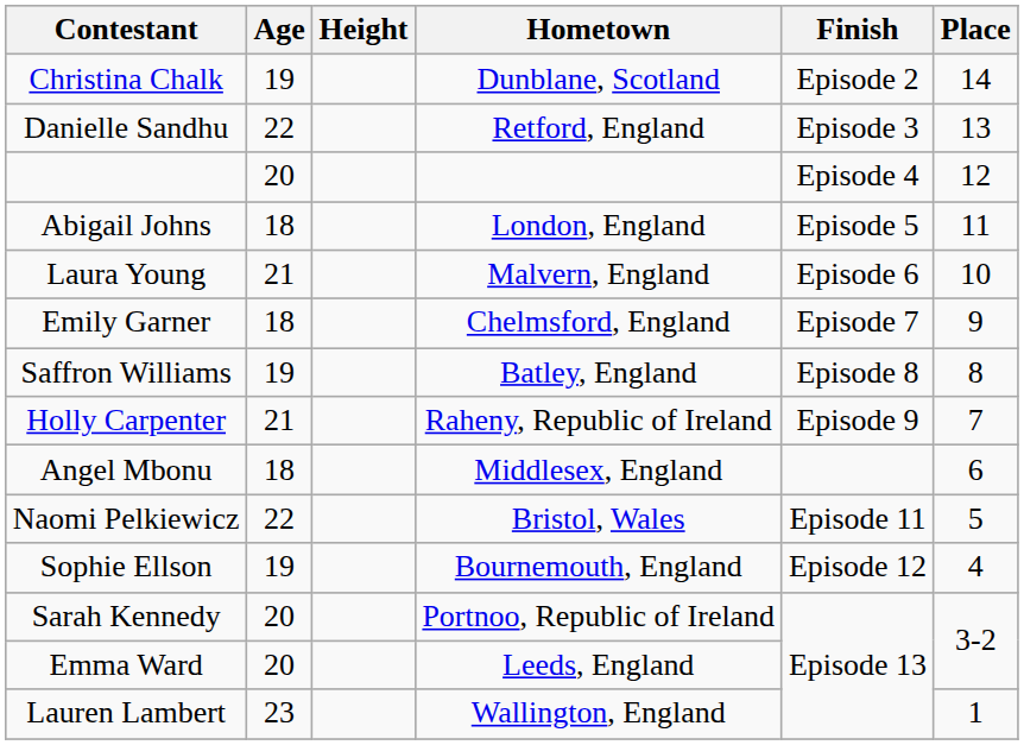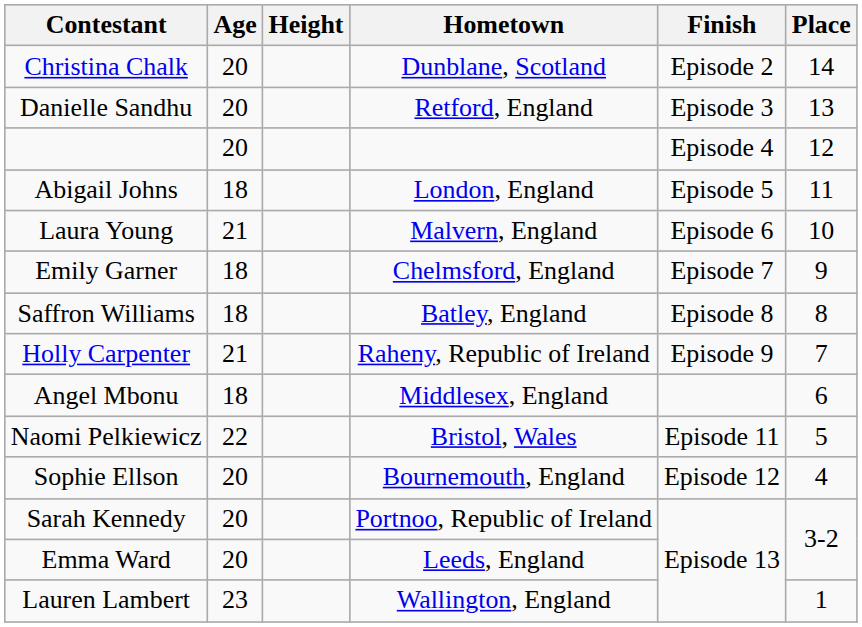 <table class="wikitable sortable" style="text-align:center;">
 <tr>
 <th>Contestant</th>
 <th>Age</th>
 <th>Height</th>
 <th>Hometown</th>
 <th>Finish</th>
 <th>Place</th>
 </tr>
 <tr>
 <td><a href='#'>Christina Chalk</a></td>
-<td>19</td>
+<td>20</td>
 <td></td>
 <td><a href='#'>Dunblane</a>, <a href='#'>Scotland</a></td>
 <td>Episode 2</td>
 <td>14</td>
 </tr>
 <tr>
 <td>Danielle Sandhu</td>
-<td>22</td>
+<td>20</td>
 <td></td>
 <td><a href='#'>Retford</a>, England</td>
 <td>Episode 3</td>
 <td>13</td>
 </tr>
 <tr>
 <td></td>
 <td>20</td>
 <td></td>
 <td></td>
 <td>Episode 4</td>
 <td>12</td>
 </tr>
 <tr>
 <td>Abigail Johns</td>
 <td>18</td>
 <td></td>
 <td><a href='#'>London</a>, England</td>
 <td>Episode 5</td>
 <td>11</td>
 </tr>
 <tr>
 <td>Laura Young</td>
 <td>21</td>
 <td></td>
 <td><a href='#'>Malvern</a>, England</td>
 <td>Episode 6</td>
 <td>10</td>
 </tr>
 <tr>
 <td>Emily Garner</td>
 <td>18</td>
 <td></td>
 <td><a href='#'>Chelmsford</a>, England</td>
 <td>Episode 7</td>
 <td>9</td>
 </tr>
 <tr>
 <td>Saffron Williams</td>
-<td>19</td>
+<td>18</td>
 <td></td>
 <td><a href='#'>Batley</a>, England</td>
 <td>Episode 8</td>
 <td>8</td>
 </tr>
 <tr>
 <td><a href='#'>Holly Carpenter</a></td>
 <td>21</td>
 <td></td>
 <td><a href='#'>Raheny</a>, Republic of Ireland</td>
 <td>Episode 9</td>
 <td>7</td>
 </tr>
 <tr>
 <td>Angel Mbonu</td>
 <td>18</td>
 <td></td>
 <td><a href='#'>Middlesex</a>, England</td>
 <td></td>
 <td>6</td>
 </tr>
 <tr>
 <td>Naomi Pelkiewicz</td>
 <td>22</td>
 <td></td>
 <td><a href='#'>Bristol</a>, <a href='#'>Wales</a></td>
 <td>Episode 11</td>
 <td>5</td>
 </tr>
 <tr>
 <td>Sophie Ellson</td>
-<td>19</td>
+<td>20</td>
 <td></td>
 <td><a href='#'>Bournemouth</a>, England</td>
 <td>Episode 12</td>
 <td>4</td>
 </tr>
 <tr>
 <td>Sarah Kennedy</td>
 <td>20</td>
 <td></td>
 <td><a href='#'>Portnoo</a>, Republic of Ireland</td>
 <td rowspan=3>Episode 13</td>
 <td rowspan="2">3-2</td>
 </tr>
 <tr>
 <td>Emma Ward</td>
 <td>20</td>
 <td></td>
 <td><a href='#'>Leeds</a>, England</td>
 </tr>
 <tr>
 <td>Lauren Lambert</td>
 <td>23</td>
 <td></td>
 <td><a href='#'>Wallington</a>, England</td>
 <td>1</td>
 </tr>
 </table>
